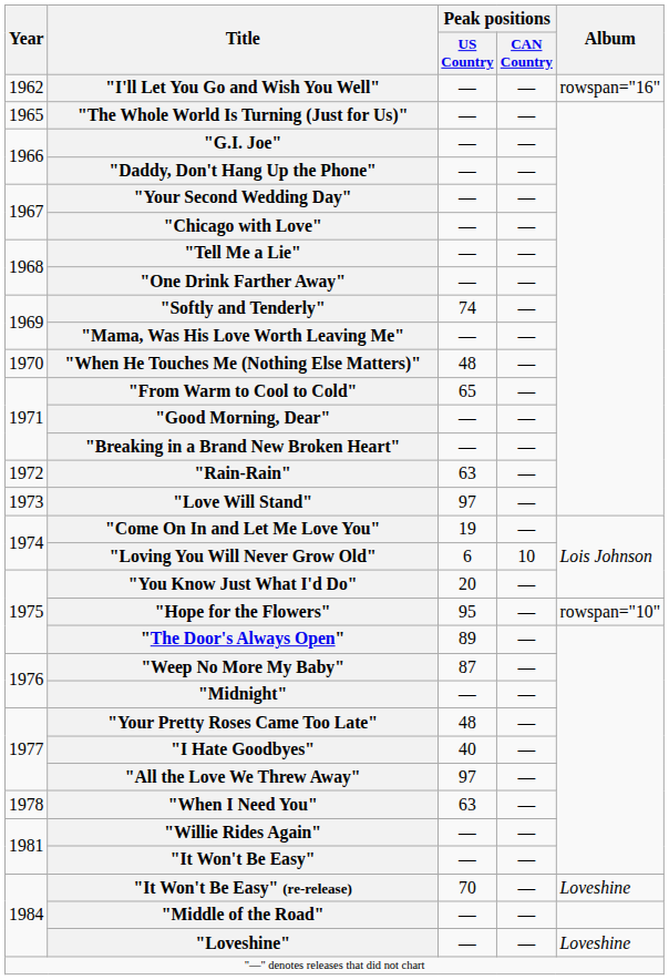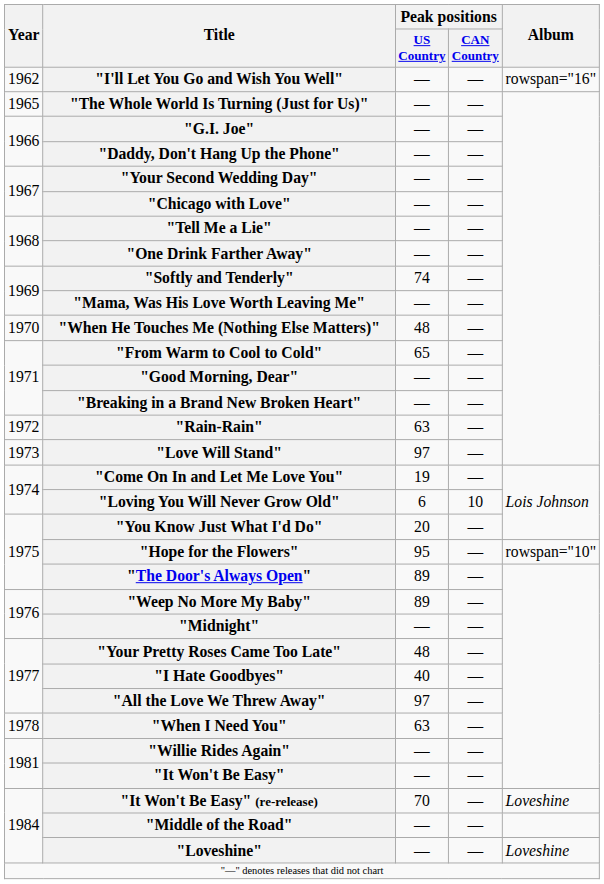 <table class="wikitable plainrowheaders" style="text-align:center;">
 <tr>
 <th rowspan="2">Year</th>
 <th rowspan="2" style="width:22em;">Title</th>
 <th colspan="2">Peak positions</th>
 <th rowspan="2">Album</th>
 </tr>
 <tr style="font-size:smaller;">
 <th style="width:45px;"><a href='#'>US Country</a><br></th>
 <th style="width:45px;"><a href='#'>CAN Country</a><br></th>
 </tr>
 <tr>
 <td>1962</td>
 <th scope="row">"I'll Let You Go and Wish You Well"</th>
 <td>—</td>
 <td>—</td>
 <td>rowspan="16" </td>
 </tr>
 <tr>
 <td>1965</td>
 <th scope="row">"The Whole World Is Turning (Just for Us)"</th>
 <td>—</td>
 <td>—</td>
 </tr>
 <tr>
 <td rowspan="2">1966</td>
 <th scope="row">"G.I. Joe"</th>
 <td>—</td>
 <td>—</td>
 </tr>
 <tr>
 <th scope="row">"Daddy, Don't Hang Up the Phone"</th>
 <td>—</td>
 <td>—</td>
 </tr>
 <tr>
 <td rowspan="2">1967</td>
 <th scope="row">"Your Second Wedding Day"</th>
 <td>—</td>
 <td>—</td>
 </tr>
 <tr>
 <th scope="row">"Chicago with Love"</th>
 <td>—</td>
 <td>—</td>
 </tr>
 <tr>
 <td rowspan="2">1968</td>
 <th scope="row">"Tell Me a Lie"</th>
 <td>—</td>
 <td>—</td>
 </tr>
 <tr>
 <th scope="row">"One Drink Farther Away"</th>
 <td>—</td>
 <td>—</td>
 </tr>
 <tr>
 <td rowspan="2">1969</td>
 <th scope="row">"Softly and Tenderly"</th>
 <td>74</td>
 <td>—</td>
 </tr>
 <tr>
 <th scope="row">"Mama, Was His Love Worth Leaving Me"</th>
 <td>—</td>
 <td>—</td>
 </tr>
 <tr>
 <td>1970</td>
 <th scope="row">"When He Touches Me (Nothing Else Matters)"</th>
 <td>48</td>
 <td>—</td>
 </tr>
 <tr>
 <td rowspan="3">1971</td>
 <th scope="row">"From Warm to Cool to Cold"</th>
 <td>65</td>
 <td>—</td>
 </tr>
 <tr>
 <th scope="row">"Good Morning, Dear"</th>
 <td>—</td>
 <td>—</td>
 </tr>
 <tr>
 <th scope="row">"Breaking in a Brand New Broken Heart"</th>
 <td>—</td>
 <td>—</td>
 </tr>
 <tr>
 <td>1972</td>
 <th scope="row">"Rain-Rain"</th>
 <td>63</td>
 <td>—</td>
 </tr>
 <tr>
 <td>1973</td>
 <th scope="row">"Love Will Stand"</th>
 <td>97</td>
 <td>—</td>
 </tr>
 <tr>
 <td rowspan="2">1974</td>
 <th scope="row">"Come On In and Let Me Love You"</th>
 <td>19</td>
 <td>—</td>
 <td align="left" rowspan="3"><em>Lois Johnson</em></td>
 </tr>
 <tr>
 <th scope="row">"Loving You Will Never Grow Old"</th>
 <td>6</td>
 <td>10</td>
 </tr>
 <tr>
 <td rowspan="3">1975</td>
 <th scope="row">"You Know Just What I'd Do"</th>
 <td>20</td>
 <td>—</td>
 </tr>
 <tr>
 <th scope="row">"Hope for the Flowers"</th>
 <td>95</td>
 <td>—</td>
 <td>rowspan="10" </td>
 </tr>
 <tr>
 <th scope="row">"<a href='#'>The Door's Always Open</a>"</th>
 <td>89</td>
 <td>—</td>
 </tr>
 <tr>
 <td rowspan="2">1976</td>
 <th scope="row">"Weep No More My Baby"</th>
-<td>87</td>
+<td>89</td>
 <td>—</td>
 </tr>
 <tr>
 <th scope="row">"Midnight"</th>
 <td>—</td>
 <td>—</td>
 </tr>
 <tr>
 <td rowspan="3">1977</td>
 <th scope="row">"Your Pretty Roses Came Too Late"</th>
 <td>48</td>
 <td>—</td>
 </tr>
 <tr>
 <th scope="row">"I Hate Goodbyes"</th>
 <td>40</td>
 <td>—</td>
 </tr>
 <tr>
 <th scope="row">"All the Love We Threw Away" </th>
 <td>97</td>
 <td>—</td>
 </tr>
 <tr>
 <td>1978</td>
 <th scope="row">"When I Need You"</th>
 <td>63</td>
 <td>—</td>
 </tr>
 <tr>
 <td rowspan="2">1981</td>
 <th scope="row">"Willie Rides Again"</th>
 <td>—</td>
 <td>—</td>
 </tr>
 <tr>
 <th scope="row">"It Won't Be Easy"</th>
 <td>—</td>
 <td>—</td>
 </tr>
 <tr>
 <td rowspan="3">1984</td>
 <th scope="row">"It Won't Be Easy" <small>(re-release)</small></th>
 <td>70</td>
 <td>—</td>
 <td align="left"><em>Loveshine</em></td>
 </tr>
 <tr>
 <th scope="row">"Middle of the Road"</th>
 <td>—</td>
 <td>—</td>
 <td></td>
 </tr>
 <tr>
 <th scope="row">"Loveshine"</th>
 <td>—</td>
 <td>—</td>
 <td align="left"><em>Loveshine</em></td>
 </tr>
 <tr>
 <td colspan="5" style="font-size:8pt">"—" denotes releases that did not chart</td>
 </tr>
 </table>
